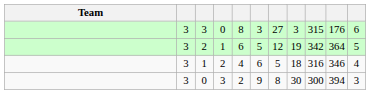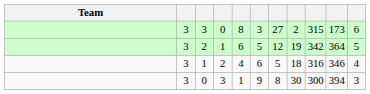 <table class=wikitable style="text-align:center">
 <tr>
 <th width=250>Team</th>
 <th width=20></th>
 <th width=20></th>
 <th width=20></th>
 <th width=20></th>
 <th width=20></th>
 <th width=20></th>
 <th width=20></th>
 <th width=20></th>
 <th width=20></th>
 <th width=20></th>
 </tr>
 <tr style="background-color:#ccffcc;">
 <td style="text-align:left;"></td>
 <td>3</td>
 <td>3</td>
 <td>0</td>
 <td>8</td>
 <td>3</td>
 <td>27</td>
-<td>3</td>
+<td>2</td>
 <td>315</td>
-<td>176</td>
+<td>173</td>
 <td>6</td>
 </tr>
 <tr style="background-color:#ccffcc;">
 <td style="text-align:left;"></td>
 <td>3</td>
 <td>2</td>
 <td>1</td>
 <td>6</td>
 <td>5</td>
 <td>12</td>
 <td>19</td>
 <td>342</td>
 <td>364</td>
 <td>5</td>
 </tr>
 <tr>
 <td style="text-align:left;"></td>
 <td>3</td>
 <td>1</td>
 <td>2</td>
 <td>4</td>
 <td>6</td>
 <td>5</td>
 <td>18</td>
 <td>316</td>
 <td>346</td>
 <td>4</td>
 </tr>
 <tr>
 <td style="text-align:left;"></td>
 <td>3</td>
 <td>0</td>
 <td>3</td>
-<td>2</td>
+<td>1</td>
 <td>9</td>
 <td>8</td>
 <td>30</td>
 <td>300</td>
 <td>394</td>
 <td>3</td>
 </tr>
 </table>
